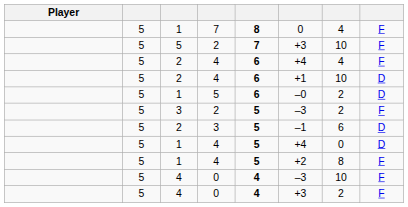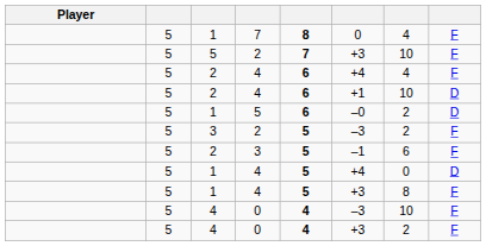 <table class="wikitable sortable" style="text-align:center;">
 <tr>
 <th width="175px">Player</th>
 <th width="50px"></th>
 <th width="50px"></th>
 <th width="50px"></th>
 <th width="60px"></th>
 <th width="60px"></th>
 <th width="50px"></th>
 <th width="60px"></th>
 </tr>
 <tr>
 <td align="left"> </td>
 <td>5</td>
 <td>1</td>
 <td>7</td>
 <td><strong>8</strong></td>
 <td>0</td>
 <td>4</td>
 <td><a href='#'>F</a></td>
 </tr>
 <tr>
 <td align="left"> </td>
 <td>5</td>
 <td>5</td>
 <td>2</td>
 <td><strong>7</strong></td>
 <td>+3</td>
 <td>10</td>
 <td><a href='#'>F</a></td>
 </tr>
 <tr>
 <td align="left"> </td>
 <td>5</td>
 <td>2</td>
 <td>4</td>
 <td><strong>6</strong></td>
 <td>+4</td>
 <td>4</td>
 <td><a href='#'>F</a></td>
 </tr>
 <tr>
 <td align="left"> </td>
 <td>5</td>
 <td>2</td>
 <td>4</td>
 <td><strong>6</strong></td>
 <td>+1</td>
 <td>10</td>
 <td><a href='#'>D</a></td>
 </tr>
 <tr>
 <td align="left"> </td>
 <td>5</td>
 <td>1</td>
 <td>5</td>
 <td><strong>6</strong></td>
 <td>–0</td>
 <td>2</td>
 <td><a href='#'>D</a></td>
 </tr>
 <tr>
 <td align="left"> </td>
 <td>5</td>
 <td>3</td>
 <td>2</td>
 <td><strong>5</strong></td>
 <td>–3</td>
 <td>2</td>
 <td><a href='#'>F</a></td>
 </tr>
 <tr>
 <td align="left"> </td>
 <td>5</td>
 <td>2</td>
 <td>3</td>
 <td><strong>5</strong></td>
 <td>–1</td>
 <td>6</td>
-<td><a href='#'>D</a></td>
+<td><a href='#'>F</a></td>
 </tr>
 <tr>
 <td align="left"> </td>
 <td>5</td>
 <td>1</td>
 <td>4</td>
 <td><strong>5</strong></td>
 <td>+4</td>
 <td>0</td>
 <td><a href='#'>D</a></td>
 </tr>
 <tr>
 <td align="left"> </td>
 <td>5</td>
 <td>1</td>
 <td>4</td>
 <td><strong>5</strong></td>
-<td>+2</td>
+<td>+3</td>
 <td>8</td>
 <td><a href='#'>F</a></td>
 </tr>
 <tr>
 <td align="left"> </td>
 <td>5</td>
 <td>4</td>
 <td>0</td>
 <td><strong>4</strong></td>
 <td>–3</td>
 <td>10</td>
 <td><a href='#'>F</a></td>
 </tr>
 <tr>
 <td align="left"> </td>
 <td>5</td>
 <td>4</td>
 <td>0</td>
 <td><strong>4</strong></td>
 <td>+3</td>
 <td>2</td>
 <td><a href='#'>F</a></td>
 </tr>
 </table>
